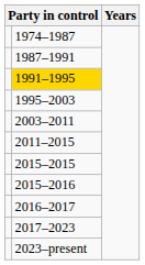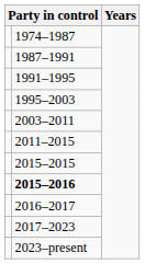 <table class="wikitable">
 <tr>
 <th colspan=2>Party in control</th>
 <th>Years</th>
 </tr>
 <tr>
 <td></td>
 <td>1974–1987</td>
 </tr>
 <tr>
 <td></td>
 <td>1987–1991</td>
 </tr>
 <tr>
 <td></td>
-<td style="background: gold;">1991–1995</td>
+<td>1991–1995</td>
 </tr>
 <tr>
 <td></td>
 <td>1995–2003</td>
 </tr>
 <tr>
 <td></td>
 <td>2003–2011</td>
 </tr>
 <tr>
 <td></td>
 <td>2011–2015</td>
 </tr>
 <tr>
 <td></td>
 <td>2015–2015</td>
 </tr>
 <tr>
 <td></td>
-<td>2015–2016</td>
+<td><strong>2015–2016</strong></td>
 </tr>
 <tr>
 <td></td>
 <td>2016–2017</td>
 </tr>
 <tr>
 <td></td>
 <td>2017–2023</td>
 </tr>
 <tr>
 <td></td>
 <td>2023–present</td>
 </tr>
 </table>
